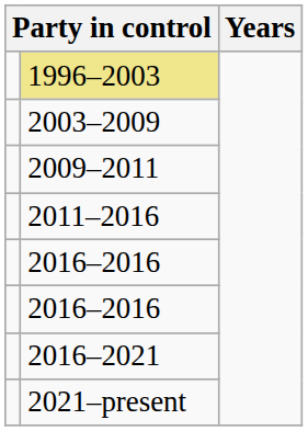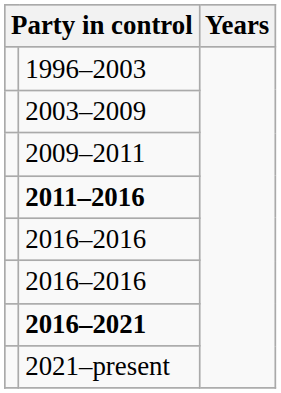 <table class="wikitable">
 <tr>
 <th colspan="2">Party in control</th>
 <th>Years</th>
 </tr>
 <tr>
 <td></td>
-<td style="background: khaki;">1996–2003</td>
+<td>1996–2003</td>
 </tr>
 <tr>
 <td></td>
 <td>2003–2009</td>
 </tr>
 <tr>
 <td></td>
 <td>2009–2011</td>
 </tr>
 <tr>
 <td></td>
-<td>2011–2016</td>
+<td><strong>2011–2016</strong></td>
 </tr>
 <tr>
 <td></td>
 <td>2016–2016</td>
 </tr>
 <tr>
 <td></td>
 <td>2016–2016</td>
 </tr>
 <tr>
 <td></td>
-<td>2016–2021</td>
+<td><strong>2016–2021</strong></td>
 </tr>
 <tr>
 <td></td>
 <td>2021–present</td>
 </tr>
 </table>
